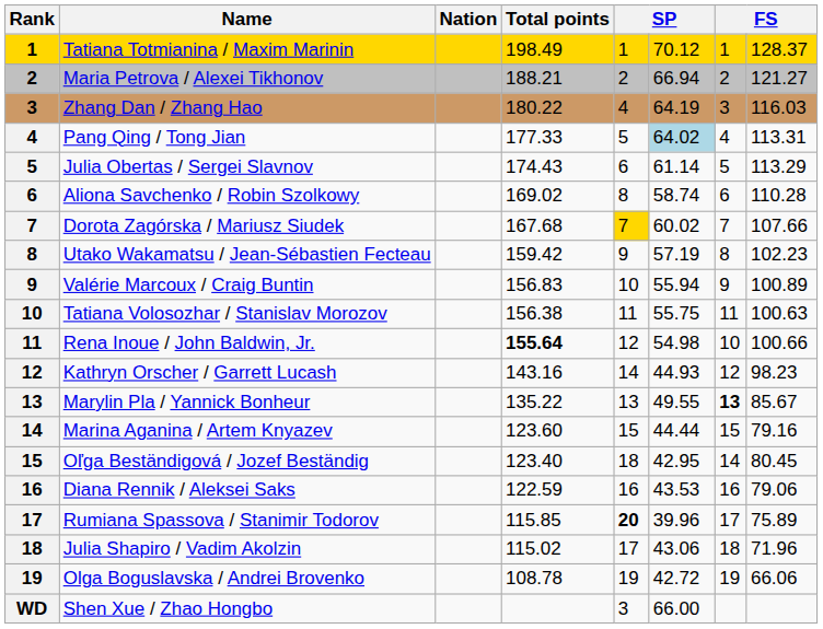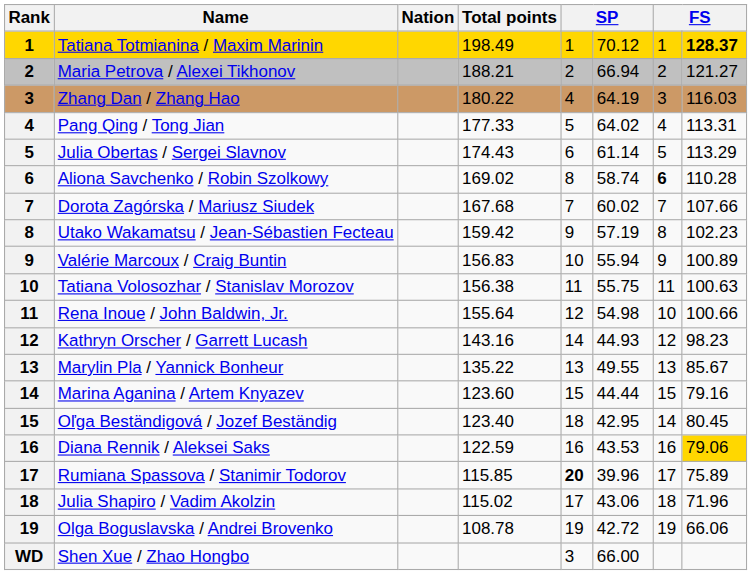 <table class="wikitable">
 <tr>
 <th>Rank</th>
 <th>Name</th>
 <th>Nation</th>
 <th>Total points</th>
 <th colspan="2" width="80px"><a href='#'>SP</a></th>
 <th colspan="2" width="80px"><a href='#'>FS</a></th>
 </tr>
 <tr bgcolor=gold>
 <td align=center><strong>1</strong></td>
 <td><a href='#'>Tatiana Totmianina</a> / <a href='#'>Maxim Marinin</a></td>
 <td></td>
 <td>198.49</td>
 <td>1</td>
 <td>70.12</td>
 <td>1</td>
-<td>128.37</td>
+<td><strong>128.37</strong></td>
 </tr>
 <tr bgcolor=silver>
 <td align=center><strong>2</strong></td>
 <td><a href='#'>Maria Petrova</a> / <a href='#'>Alexei Tikhonov</a></td>
 <td></td>
 <td>188.21</td>
 <td>2</td>
 <td>66.94</td>
 <td>2</td>
 <td>121.27</td>
 </tr>
 <tr bgcolor=cc9966>
 <td align=center><strong>3</strong></td>
 <td><a href='#'>Zhang Dan</a> / <a href='#'>Zhang Hao</a></td>
 <td></td>
 <td>180.22</td>
 <td>4</td>
 <td>64.19</td>
 <td>3</td>
 <td>116.03</td>
 </tr>
 <tr>
 <th>4</th>
 <td><a href='#'>Pang Qing</a> / <a href='#'>Tong Jian</a></td>
 <td></td>
 <td>177.33</td>
 <td>5</td>
-<td style="background: lightblue;">64.02</td>
+<td>64.02</td>
 <td>4</td>
 <td>113.31</td>
 </tr>
 <tr>
 <th>5</th>
 <td><a href='#'>Julia Obertas</a> / <a href='#'>Sergei Slavnov</a></td>
 <td></td>
 <td>174.43</td>
 <td>6</td>
 <td>61.14</td>
 <td>5</td>
 <td>113.29</td>
 </tr>
 <tr>
 <th>6</th>
 <td><a href='#'>Aliona Savchenko</a> / <a href='#'>Robin Szolkowy</a></td>
 <td></td>
 <td>169.02</td>
 <td>8</td>
 <td>58.74</td>
-<td>6</td>
+<td><strong>6</strong></td>
 <td>110.28</td>
 </tr>
 <tr>
 <th>7</th>
 <td><a href='#'>Dorota Zagórska</a> / <a href='#'>Mariusz Siudek</a></td>
 <td></td>
 <td>167.68</td>
-<td style="background: gold;">7</td>
+<td>7</td>
 <td>60.02</td>
 <td>7</td>
 <td>107.66</td>
 </tr>
 <tr>
 <th>8</th>
 <td><a href='#'>Utako Wakamatsu</a> / <a href='#'>Jean-Sébastien Fecteau</a></td>
 <td></td>
 <td>159.42</td>
 <td>9</td>
 <td>57.19</td>
 <td>8</td>
 <td>102.23</td>
 </tr>
 <tr>
 <th>9</th>
 <td><a href='#'>Valérie Marcoux</a> / <a href='#'>Craig Buntin</a></td>
 <td></td>
 <td>156.83</td>
 <td>10</td>
 <td>55.94</td>
 <td>9</td>
 <td>100.89</td>
 </tr>
 <tr>
 <th>10</th>
 <td><a href='#'>Tatiana Volosozhar</a> / <a href='#'>Stanislav Morozov</a></td>
 <td></td>
 <td>156.38</td>
 <td>11</td>
 <td>55.75</td>
 <td>11</td>
 <td>100.63</td>
 </tr>
 <tr>
 <th>11</th>
 <td><a href='#'>Rena Inoue</a> / <a href='#'>John Baldwin, Jr.</a></td>
 <td></td>
-<td><strong>155.64</strong></td>
+<td>155.64</td>
 <td>12</td>
 <td>54.98</td>
 <td>10</td>
 <td>100.66</td>
 </tr>
 <tr>
 <th>12</th>
 <td><a href='#'>Kathryn Orscher</a> / <a href='#'>Garrett Lucash</a></td>
 <td></td>
 <td>143.16</td>
 <td>14</td>
 <td>44.93</td>
 <td>12</td>
 <td>98.23</td>
 </tr>
 <tr>
 <th>13</th>
 <td><a href='#'>Marylin Pla</a> / <a href='#'>Yannick Bonheur</a></td>
 <td></td>
 <td>135.22</td>
 <td>13</td>
 <td>49.55</td>
-<td><strong>13</strong></td>
+<td>13</td>
 <td>85.67</td>
 </tr>
 <tr>
 <th>14</th>
 <td><a href='#'>Marina Aganina</a> / <a href='#'>Artem Knyazev</a></td>
 <td></td>
 <td>123.60</td>
 <td>15</td>
 <td>44.44</td>
 <td>15</td>
 <td>79.16</td>
 </tr>
 <tr>
 <th>15</th>
 <td><a href='#'>Oľga Beständigová</a> / <a href='#'>Jozef Beständig</a></td>
 <td></td>
 <td>123.40</td>
 <td>18</td>
 <td>42.95</td>
 <td>14</td>
 <td>80.45</td>
 </tr>
 <tr>
 <th>16</th>
 <td><a href='#'>Diana Rennik</a> / <a href='#'>Aleksei Saks</a></td>
 <td></td>
 <td>122.59</td>
 <td>16</td>
 <td>43.53</td>
 <td>16</td>
-<td>79.06</td>
+<td style="background: gold;">79.06</td>
 </tr>
 <tr>
 <th>17</th>
 <td><a href='#'>Rumiana Spassova</a> / <a href='#'>Stanimir Todorov</a></td>
 <td></td>
 <td>115.85</td>
 <td><strong>20</strong></td>
 <td>39.96</td>
 <td>17</td>
 <td>75.89</td>
 </tr>
 <tr>
 <th>18</th>
 <td><a href='#'>Julia Shapiro</a> / <a href='#'>Vadim Akolzin</a></td>
 <td></td>
 <td>115.02</td>
 <td>17</td>
 <td>43.06</td>
 <td>18</td>
 <td>71.96</td>
 </tr>
 <tr>
 <th>19</th>
 <td><a href='#'>Olga Boguslavska</a> / <a href='#'>Andrei Brovenko</a></td>
 <td></td>
 <td>108.78</td>
 <td>19</td>
 <td>42.72</td>
 <td>19</td>
 <td>66.06</td>
 </tr>
 <tr>
 <th>WD</th>
 <td><a href='#'>Shen Xue</a> / <a href='#'>Zhao Hongbo</a></td>
 <td></td>
 <td></td>
 <td>3</td>
 <td>66.00</td>
 <td></td>
 <td></td>
 </tr>
 </table>
